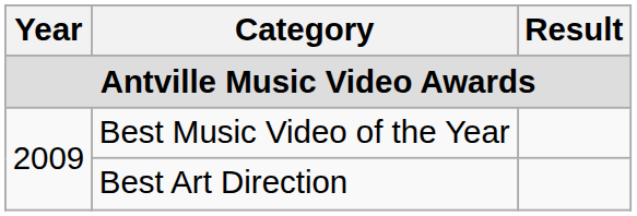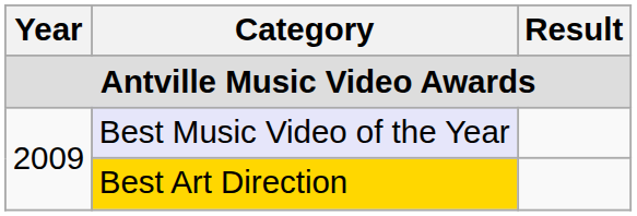 <table class=wikitable>
 <tr style="background:#ccc;">
 <th>Year</th>
 <th>Category</th>
 <th>Result</th>
 </tr>
 <tr style="background:#ddd;">
 <td colspan="5" style="text-align:center;"><strong>Antville Music Video Awards</strong></td>
 </tr>
 <tr align=center>
 <td style="text-align:left;" rowspan="2">2009</td>
-<td>Best Music Video of the Year</td>
+<td style="background: lavender;">Best Music Video of the Year</td>
 <td></td>
 </tr>
 <tr>
-<td>Best Art Direction</td>
+<td style="background: gold;">Best Art Direction</td>
 <td></td>
 </tr>
 </table>
